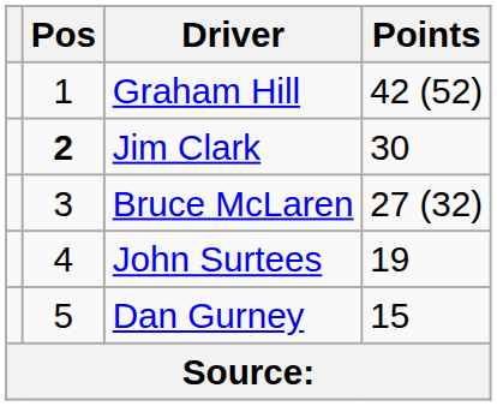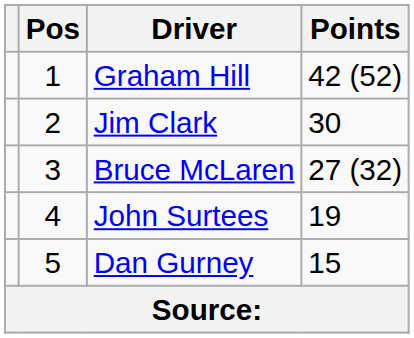 <table class="wikitable" style="font-size: 95%;">
 <tr>
 <th></th>
 <th>Pos</th>
 <th>Driver</th>
 <th>Points</th>
 </tr>
 <tr>
 <td align="left"></td>
 <td align="center">1</td>
 <td> <a href='#'>Graham Hill</a></td>
 <td align="left">42 (52)</td>
 </tr>
 <tr>
 <td align="left"></td>
-<td align="center"><strong>2</strong></td>
+<td align="center">2</td>
 <td> <a href='#'>Jim Clark</a></td>
 <td align="left">30</td>
 </tr>
 <tr>
 <td align="left"></td>
 <td align="center">3</td>
 <td> <a href='#'>Bruce McLaren</a></td>
 <td align="left">27 (32)</td>
 </tr>
 <tr>
 <td align="left"></td>
 <td align="center">4</td>
 <td> <a href='#'>John Surtees</a></td>
 <td align="left">19</td>
 </tr>
 <tr>
 <td align="left"></td>
 <td align="center">5</td>
 <td> <a href='#'>Dan Gurney</a></td>
 <td align="left">15</td>
 </tr>
 <tr>
 <th colspan=4>Source:</th>
 </tr>
 </table>
